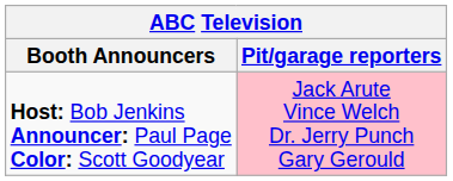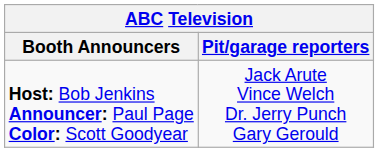 <table class="wikitable" style="font-size: 95%;">
 <tr>
 <th colspan=2><a href='#'>ABC</a> <a href='#'>Television</a></th>
 </tr>
 <tr>
 <th>Booth Announcers</th>
 <th><a href='#'>Pit/garage reporters</a></th>
 </tr>
 <tr>
 <td valign="top"><br><strong>Host:</strong> <a href='#'>Bob Jenkins</a><br> <strong><a href='#'>Announcer</a>:</strong> <a href='#'>Paul Page</a><br> <strong><a href='#'>Color</a>:</strong> <a href='#'>Scott Goodyear</a><br></td>
-<td align="center" valign="top" style="background: pink;"><a href='#'>Jack Arute</a><br><a href='#'>Vince Welch</a><br><a href='#'>Dr. Jerry Punch</a><br><a href='#'>Gary Gerould</a></td>
+<td align="center" valign="top"><a href='#'>Jack Arute</a><br><a href='#'>Vince Welch</a><br><a href='#'>Dr. Jerry Punch</a><br><a href='#'>Gary Gerould</a></td>
 </tr>
 </table>
